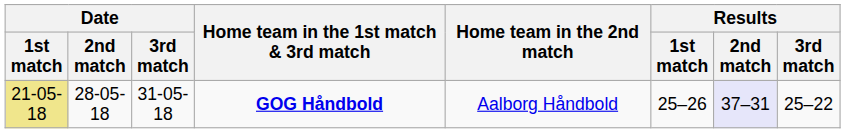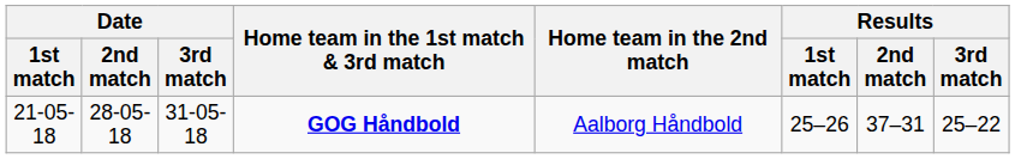 <table class="wikitable" style="text-align:center; margin-left:1em;">
 <tr>
 <th colspan="3">Date</th>
 <th rowspan="2" style="width:220px;">Home team in the 1st match & 3rd match</th>
 <th rowspan="2" style="width:180px;">Home team in the 2nd match</th>
 <th colspan="3">Results</th>
 </tr>
 <tr>
 <th style="width:50px;">1st match</th>
 <th style="width:50px;">2nd match</th>
 <th style="width:50px;">3rd match</th>
 <th style="width:50px;">1st match</th>
 <th style="width:50px;">2nd match</th>
 <th style="width:50px;">3rd match</th>
 </tr>
 <tr>
-<td style="background: khaki;">21-05-18</td>
+<td>21-05-18</td>
 <td>28-05-18</td>
 <td>31-05-18</td>
 <td><strong><a href='#'>GOG Håndbold</a></strong></td>
 <td><a href='#'>Aalborg Håndbold</a></td>
 <td>25–26</td>
-<td style="background: lavender;">37–31</td>
+<td>37–31</td>
 <td>25–22</td>
 </tr>
 </table>
